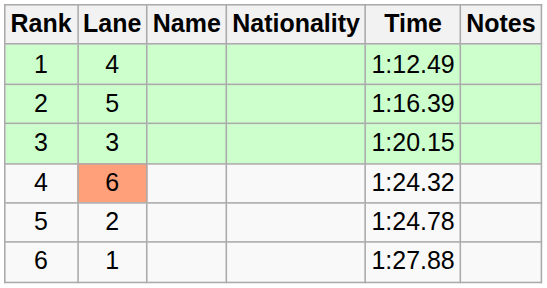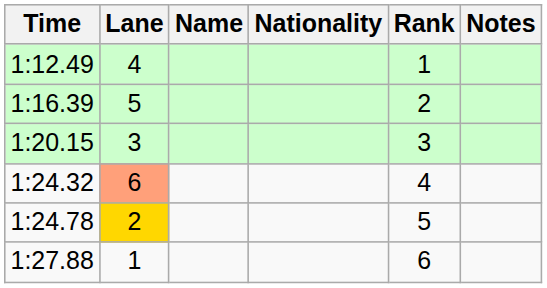 <table class="wikitable sortable" style="text-align:center">
 <tr>
-<th>Rank</th>
+<th>Time</th>
 <th>Lane</th>
 <th>Name</th>
 <th>Nationality</th>
-<th>Time</th>
+<th>Rank</th>
 <th>Notes</th>
 </tr>
 <tr bgcolor=ccffcc>
-<td>1</td>
+<td>1:12.49</td>
 <td>4</td>
 <td align=left></td>
 <td align=left></td>
-<td>1:12.49</td>
+<td>1</td>
 <td><strong></strong> <strong></strong></td>
 </tr>
 <tr bgcolor=ccffcc>
-<td>2</td>
+<td>1:16.39</td>
 <td>5</td>
 <td align=left></td>
 <td align=left></td>
-<td>1:16.39</td>
+<td>2</td>
 <td><strong></strong></td>
 </tr>
 <tr bgcolor=ccffcc>
-<td>3</td>
+<td>1:20.15</td>
 <td>3</td>
 <td align=left></td>
 <td align=left></td>
-<td>1:20.15</td>
+<td>3</td>
 <td><strong></strong></td>
 </tr>
 <tr>
-<td>4</td>
+<td>1:24.32</td>
 <td style="background: lightsalmon;">6</td>
 <td align=left></td>
 <td align=left></td>
-<td>1:24.32</td>
+<td>4</td>
 <td></td>
 </tr>
 <tr>
-<td>5</td>
-<td>2</td>
+<td>1:24.78</td>
+<td style="background: gold;">2</td>
 <td align=left></td>
 <td align=left></td>
-<td>1:24.78</td>
+<td>5</td>
 <td></td>
 </tr>
 <tr>
-<td>6</td>
+<td>1:27.88</td>
 <td>1</td>
 <td align=left></td>
 <td align=left></td>
-<td>1:27.88</td>
+<td>6</td>
 <td></td>
 </tr>
 </table>
